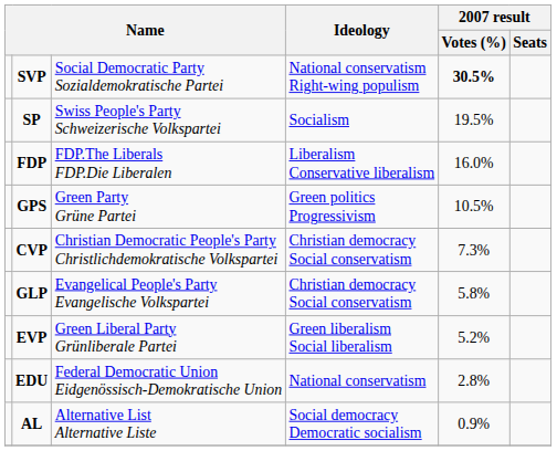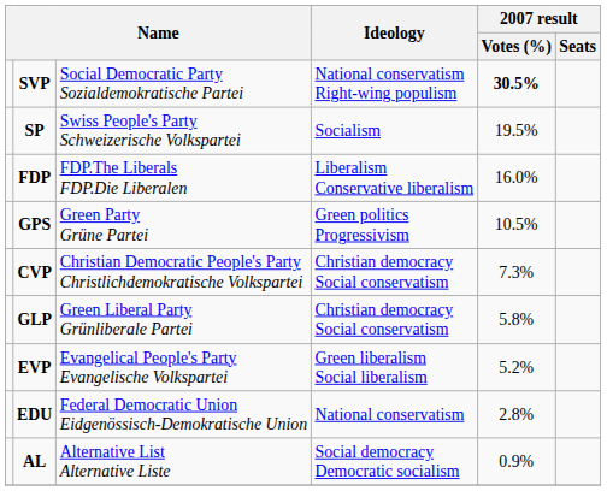 <table class="wikitable" style="font-size:95%;">
 <tr>
 <th rowspan="2" colspan="3">Name</th>
 <th rowspan="2">Ideology</th>
 <th colspan="2">2007 result</th>
 </tr>
 <tr>
 <th>Votes (%)</th>
 <th>Seats</th>
 </tr>
 <tr>
 <td style="background:"></td>
 <td style="text-align:center;"><strong>SVP</strong></td>
 <td><a href='#'>Social Democratic Party</a><br><em>Sozialdemokratische Partei</em></td>
 <td><a href='#'>National conservatism</a><br><a href='#'>Right-wing populism</a></td>
 <td style="text-align:center;"><strong>30.5%</strong></td>
 <td></td>
 </tr>
 <tr>
 <td style="background:"></td>
 <td style="text-align:center;"><strong>SP</strong></td>
 <td><a href='#'>Swiss People's Party</a><br><em>Schweizerische Volkspartei</em></td>
 <td><a href='#'>Socialism</a></td>
 <td style="text-align:center;">19.5%</td>
 <td></td>
 </tr>
 <tr>
 <td style="background:"></td>
 <td style="text-align:center;"><strong>FDP</strong></td>
 <td><a href='#'>FDP.The Liberals</a><br><em>FDP.Die Liberalen</em></td>
 <td><a href='#'>Liberalism</a><br><a href='#'>Conservative liberalism</a></td>
 <td style="text-align:center;">16.0%</td>
 <td></td>
 </tr>
 <tr>
 <td style="background:"></td>
 <td style="text-align:center;"><strong>GPS</strong></td>
 <td><a href='#'>Green Party</a><br><em>Grüne Partei</em></td>
 <td><a href='#'>Green politics</a><br><a href='#'>Progressivism</a></td>
 <td style="text-align:center;">10.5%</td>
 <td></td>
 </tr>
 <tr>
 <td style="background:"></td>
 <td style="text-align:center;"><strong>CVP</strong></td>
 <td><a href='#'>Christian Democratic People's Party</a><br><em>Christlichdemokratische Volkspartei</em></td>
 <td><a href='#'>Christian democracy</a><br><a href='#'>Social conservatism</a></td>
 <td style="text-align:center;">7.3%</td>
 <td></td>
 </tr>
 <tr>
 <td style="background:"></td>
 <td style="text-align:center;"><strong>GLP</strong></td>
-<td><a href='#'>Evangelical People's Party</a><br><em>Evangelische Volkspartei</em></td>
+<td><a href='#'>Green Liberal Party</a><br><em>Grünliberale Partei</em></td>
 <td><a href='#'>Christian democracy</a><br><a href='#'>Social conservatism</a></td>
 <td style="text-align:center;">5.8%</td>
 <td></td>
 </tr>
 <tr>
 <td style="background:"></td>
 <td style="text-align:center;"><strong>EVP</strong></td>
-<td><a href='#'>Green Liberal Party</a><br><em>Grünliberale Partei</em></td>
+<td><a href='#'>Evangelical People's Party</a><br><em>Evangelische Volkspartei</em></td>
 <td><a href='#'>Green liberalism</a><br><a href='#'>Social liberalism</a></td>
 <td style="text-align:center;">5.2%</td>
 <td></td>
 </tr>
 <tr>
 <td style="background:"></td>
 <td style="text-align:center;"><strong>EDU</strong></td>
 <td><a href='#'>Federal Democratic Union</a><br><em>Eidgenössisch-Demokratische Union</em></td>
 <td><a href='#'>National conservatism</a></td>
 <td style="text-align:center;">2.8%</td>
 <td></td>
 </tr>
 <tr>
 <td style="background:"></td>
 <td style="text-align:center;"><strong>AL</strong></td>
 <td><a href='#'>Alternative List</a><br><em>Alternative Liste</em></td>
 <td><a href='#'>Social democracy</a><br><a href='#'>Democratic socialism</a></td>
 <td style="text-align:center;">0.9%</td>
 <td></td>
 </tr>
 <tr>
 </tr>
 </table>
